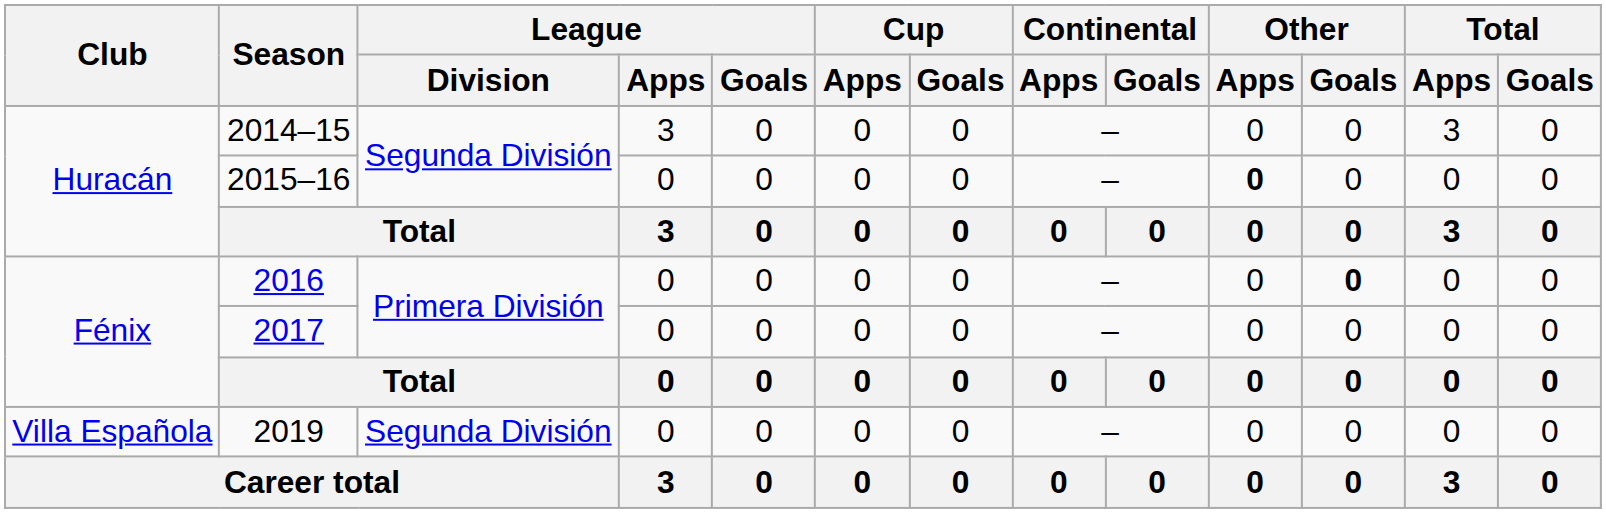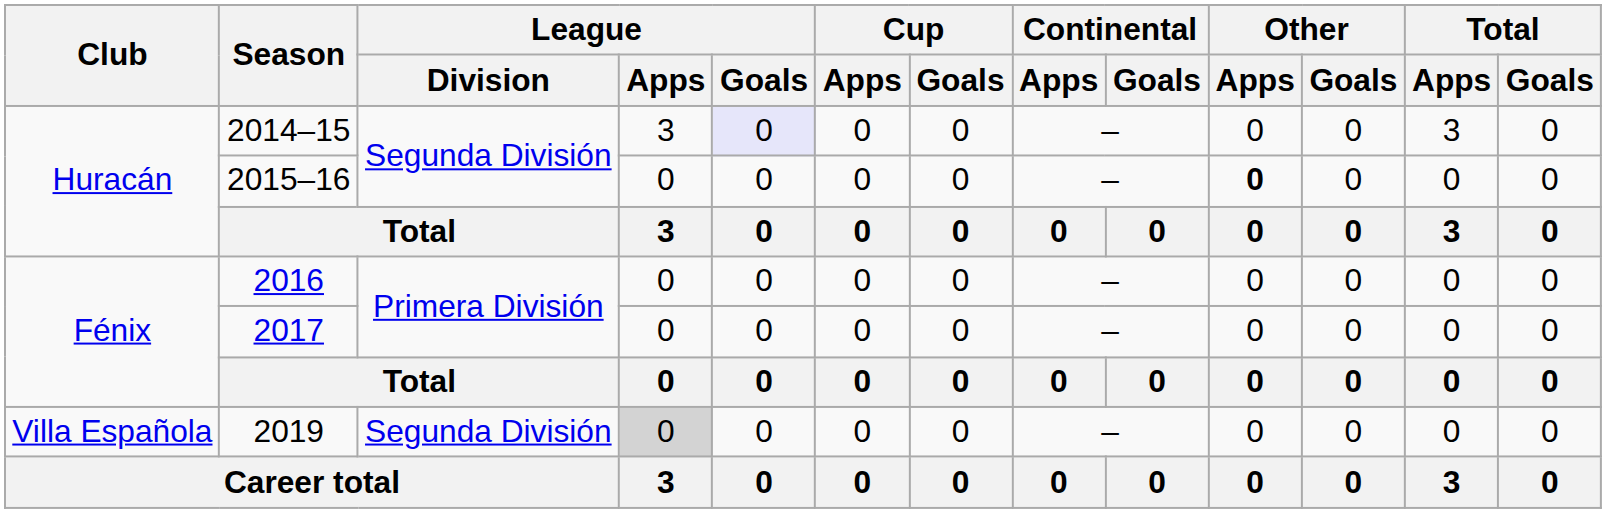 <table class="wikitable" style="text-align: center">
 <tr>
 <th rowspan="2">Club</th>
 <th rowspan="2">Season</th>
 <th colspan="3">League</th>
 <th colspan="2">Cup</th>
 <th colspan="2">Continental</th>
 <th colspan="2">Other</th>
 <th colspan="2">Total</th>
 </tr>
 <tr>
 <th>Division</th>
 <th>Apps</th>
 <th>Goals</th>
 <th>Apps</th>
 <th>Goals</th>
 <th>Apps</th>
 <th>Goals</th>
 <th>Apps</th>
 <th>Goals</th>
 <th>Apps</th>
 <th>Goals</th>
 </tr>
 <tr>
 <td rowspan="3"><a href='#'>Huracán</a></td>
 <td>2014–15</td>
 <td rowspan="2"><a href='#'>Segunda División</a></td>
 <td>3</td>
-<td>0</td>
+<td style="background: lavender;">0</td>
 <td>0</td>
 <td>0</td>
 <td colspan="2">–</td>
 <td>0</td>
 <td>0</td>
 <td>3</td>
 <td>0</td>
 </tr>
 <tr>
 <td>2015–16</td>
 <td>0</td>
 <td>0</td>
 <td>0</td>
 <td>0</td>
 <td colspan="2">–</td>
 <td><strong>0</strong></td>
 <td>0</td>
 <td>0</td>
 <td>0</td>
 </tr>
 <tr>
 <th colspan="2"><strong>Total</strong></th>
 <th>3</th>
 <th>0</th>
 <th>0</th>
 <th>0</th>
 <th>0</th>
 <th>0</th>
 <th>0</th>
 <th>0</th>
 <th>3</th>
 <th>0</th>
 </tr>
 <tr>
 <td rowspan="3"><a href='#'>Fénix</a></td>
 <td><a href='#'>2016</a></td>
 <td rowspan="2"><a href='#'>Primera División</a></td>
 <td>0</td>
 <td>0</td>
 <td>0</td>
 <td>0</td>
 <td colspan="2">–</td>
 <td>0</td>
-<td><strong>0</strong></td>
+<td>0</td>
 <td>0</td>
 <td>0</td>
 </tr>
 <tr>
 <td><a href='#'>2017</a></td>
 <td>0</td>
 <td>0</td>
 <td>0</td>
 <td>0</td>
 <td colspan="2">–</td>
 <td>0</td>
 <td>0</td>
 <td>0</td>
 <td>0</td>
 </tr>
 <tr>
 <th colspan="2"><strong>Total</strong></th>
 <th>0</th>
 <th>0</th>
 <th>0</th>
 <th>0</th>
 <th>0</th>
 <th>0</th>
 <th>0</th>
 <th>0</th>
 <th>0</th>
 <th>0</th>
 </tr>
 <tr>
 <td><a href='#'>Villa Española</a></td>
 <td>2019</td>
 <td><a href='#'>Segunda División</a></td>
-<td>0</td>
+<td style="background: lightgrey;">0</td>
 <td>0</td>
 <td>0</td>
 <td>0</td>
 <td colspan="2">–</td>
 <td>0</td>
 <td>0</td>
 <td>0</td>
 <td>0</td>
 </tr>
 <tr>
 <th colspan="3"><strong>Career total</strong></th>
 <th>3</th>
 <th>0</th>
 <th>0</th>
 <th>0</th>
 <th>0</th>
 <th>0</th>
 <th>0</th>
 <th>0</th>
 <th>3</th>
 <th>0</th>
 </tr>
 </table>
